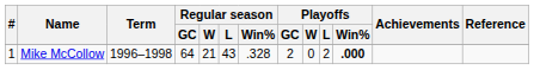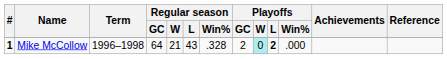 <table class="wikitable" style="text-align:center">
 <tr>
 <th rowspan="2">#</th>
 <th rowspan="2">Name</th>
 <th rowspan="2">Term</th>
 <th colspan="4">Regular season</th>
 <th colspan="4">Playoffs</th>
 <th rowspan="2">Achievements</th>
 <th rowspan="2">Reference</th>
 </tr>
 <tr>
 <th>GC</th>
 <th>W</th>
 <th>L</th>
 <th>Win%</th>
 <th>GC</th>
 <th>W</th>
 <th>L</th>
 <th>Win%</th>
 </tr>
 <tr>
 </tr>
 <tr>
-<td align=center>1</td>
+<td align=center><strong>1</strong></td>
 <td><a href='#'>Mike McCollow</a></td>
 <td>1996–1998</td>
 <td>64</td>
 <td>21</td>
 <td>43</td>
 <td>.328</td>
 <td>2</td>
-<td>0</td>
-<td>2</td>
-<td><strong>.000</strong></td>
+<td style="background: paleturquoise;">0</td>
+<td><strong>2</strong></td>
+<td>.000</td>
 <td></td>
 <td></td>
 </tr>
 </table>
